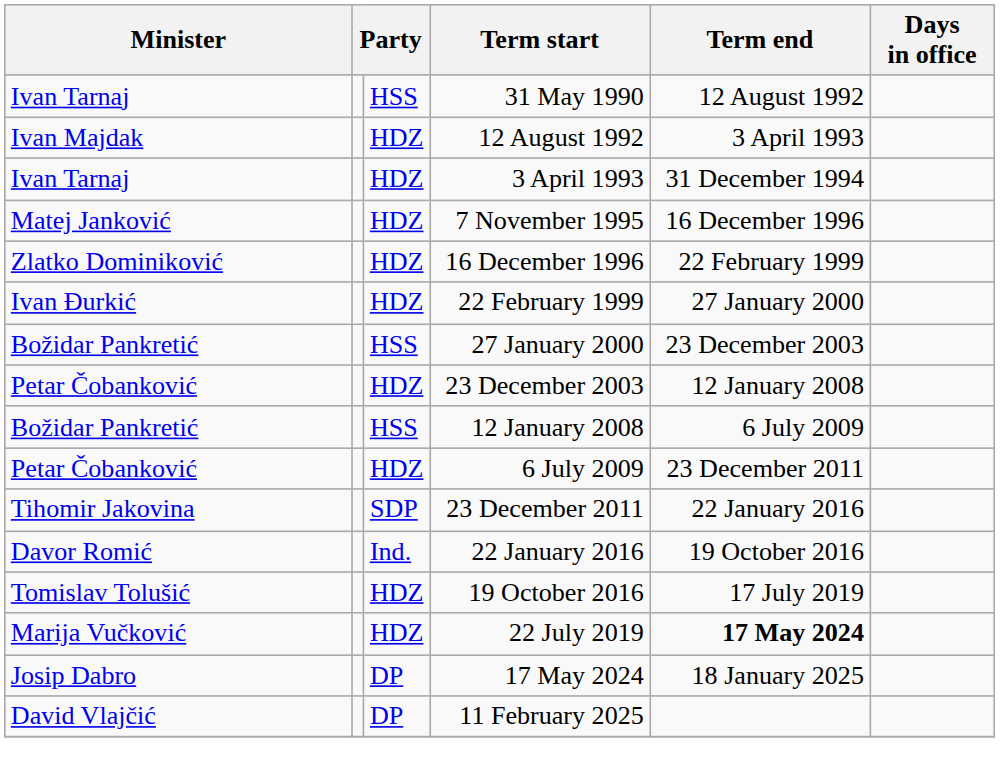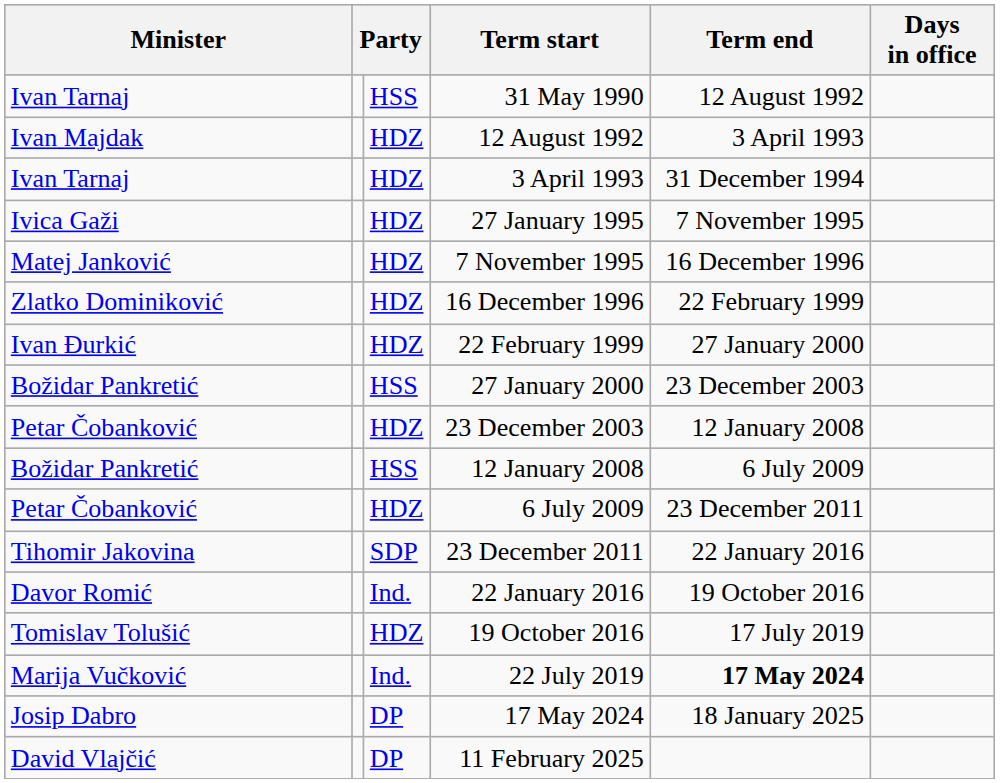 <table class="wikitable" style="text-align: left;">
 <tr>
 <th width="210">Minister</th>
 <th colspan=2 width="80">Party</th>
 <th width="130">Term start</th>
 <th width="130">Term end</th>
 <th width=70>Days<br> in office</th>
 </tr>
 <tr>
 <td><a href='#'>Ivan Tarnaj</a> </td>
 <td style="background-color: "></td>
 <td><a href='#'>HSS</a></td>
 <td align=right>31 May 1990</td>
 <td align=right>12 August 1992</td>
 <td align=right></td>
 </tr>
 <tr>
 <td><a href='#'>Ivan Majdak</a> </td>
 <td style="background-color: "></td>
 <td><a href='#'>HDZ</a></td>
 <td align=right>12 August 1992</td>
 <td align=right>3 April 1993</td>
 <td align=right></td>
 </tr>
 <tr>
 <td><a href='#'>Ivan Tarnaj</a>  </td>
 <td style="background-color: "></td>
 <td><a href='#'>HDZ</a></td>
 <td align=right>3 April 1993</td>
 <td align=right>31 December 1994</td>
+<td align=right></td>
+</tr>
+<tr>
+<td><a href='#'>Ivica Gaži</a> </td>
+<td style="background-color: "></td>
+<td><a href='#'>HDZ</a></td>
+<td align=right>27 January 1995</td>
+<td align=right>7 November 1995</td>
 <td align=right></td>
 </tr>
 <tr>
 <td><a href='#'>Matej Janković</a> </td>
 <td style="background-color: "></td>
 <td><a href='#'>HDZ</a></td>
 <td align=right>7 November 1995</td>
 <td align=right>16 December 1996</td>
 <td align=right></td>
 </tr>
 <tr>
 <td><a href='#'>Zlatko Dominiković</a> </td>
 <td style="background-color: "></td>
 <td><a href='#'>HDZ</a></td>
 <td align=right>16 December 1996</td>
 <td align=right>22 February 1999</td>
 <td align=right></td>
 </tr>
 <tr>
 <td><a href='#'>Ivan Đurkić</a> </td>
 <td style="background-color: "></td>
 <td><a href='#'>HDZ</a></td>
 <td align=right>22 February 1999</td>
 <td align=right>27 January 2000</td>
 <td align=right></td>
 </tr>
 <tr>
 <td><a href='#'>Božidar Pankretić</a> </td>
 <td style="background-color: "></td>
 <td><a href='#'>HSS</a></td>
 <td align=right>27 January 2000</td>
 <td align=right>23 December 2003</td>
 <td align=right></td>
 </tr>
 <tr>
 <td><a href='#'>Petar Čobanković</a> </td>
 <td style="background-color: "></td>
 <td><a href='#'>HDZ</a></td>
 <td align=right>23 December 2003</td>
 <td align=right>12 January 2008</td>
 <td align=right></td>
 </tr>
 <tr>
 <td><a href='#'>Božidar Pankretić</a>  </td>
 <td style="background-color: "></td>
 <td><a href='#'>HSS</a></td>
 <td align=right>12 January 2008</td>
 <td align=right>6 July 2009</td>
 <td align=right></td>
 </tr>
 <tr>
 <td><a href='#'>Petar Čobanković</a>  </td>
 <td style="background-color: "></td>
 <td><a href='#'>HDZ</a></td>
 <td align=right>6 July 2009</td>
 <td align=right>23 December 2011</td>
 <td align=right></td>
 </tr>
 <tr>
 <td><a href='#'>Tihomir Jakovina</a></td>
 <td style="background-color: "></td>
 <td><a href='#'>SDP</a></td>
 <td align=right>23 December 2011</td>
 <td align=right>22 January 2016</td>
 <td align=right></td>
 </tr>
 <tr>
 <td><a href='#'>Davor Romić</a></td>
 <td style="background-color: "></td>
 <td><a href='#'>Ind.</a></td>
 <td align=right>22 January 2016</td>
 <td align=right>19 October 2016</td>
 <td align=right></td>
 </tr>
 <tr>
 <td><a href='#'>Tomislav Tolušić</a></td>
 <td style="background-color: "></td>
 <td><a href='#'>HDZ</a></td>
 <td align=right>19 October 2016</td>
 <td align=right>17 July 2019</td>
 <td align=right></td>
 </tr>
 <tr>
 <td><a href='#'>Marija Vučković</a></td>
 <td style="background-color: "></td>
-<td><a href='#'>HDZ</a></td>
+<td><a href='#'>Ind.</a></td>
 <td align=right>22 July 2019</td>
 <td align=right><strong>17 May 2024</strong></td>
 <td align=right></td>
 </tr>
 <tr>
 <td><a href='#'>Josip Dabro</a></td>
 <td style="background-color: "></td>
 <td><a href='#'>DP</a></td>
 <td align=right>17 May 2024</td>
 <td align=right>18 January 2025</td>
 <td align=right></td>
 </tr>
 <tr>
 <td><a href='#'>David Vlajčić</a></td>
 <td style="background-color: "></td>
 <td><a href='#'>DP</a></td>
 <td align=right>11 February 2025</td>
 <td align=right></td>
 <td align=right></td>
 </tr>
 <tr>
 </tr>
 </table>
